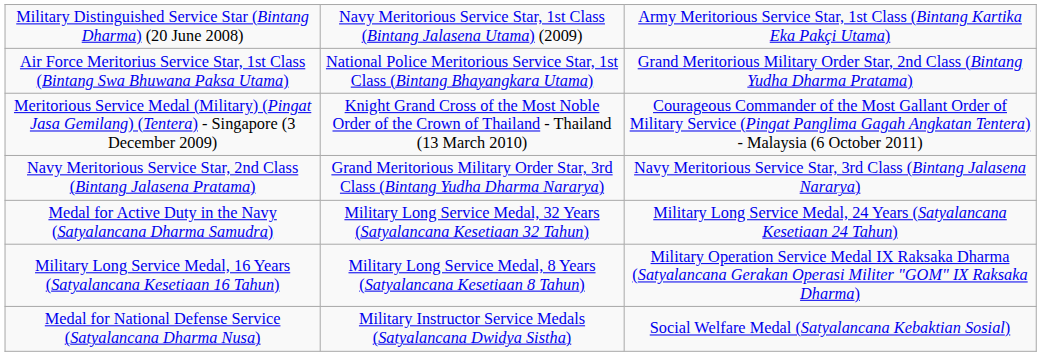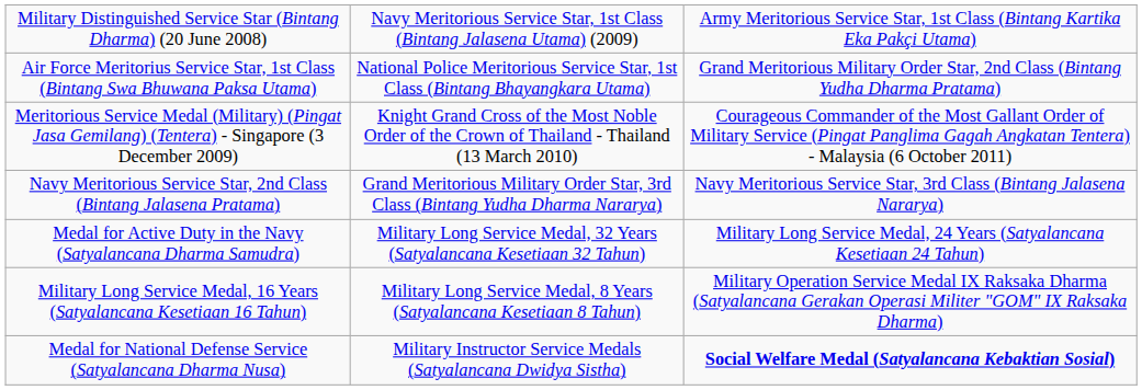 <table class="wikitable" width="80%" style="margin:1em auto; text-align:center;">
 <tr>
 <td colspan="1"><a href='#'>Military Distinguished Service Star (<em>Bintang Dharma</em>)</a> (20 June 2008)</td>
 <td colspan="1"><a href='#'>Navy Meritorious Service Star, 1st Class (<em>Bintang Jalasena Utama</em>)</a> (2009)</td>
 <td colspan="1"><a href='#'>Army Meritorious Service Star, 1st Class (<em>Bintang Kartika Eka Pakçi Utama</em>)</a></td>
 </tr>
 <tr>
 <td colspan="1"><a href='#'>Air Force Meritorius Service Star, 1st Class (<em>Bintang Swa Bhuwana Paksa Utama</em>)</a></td>
 <td colspan="1"><a href='#'>National Police Meritorious Service Star, 1st Class (<em>Bintang Bhayangkara Utama</em>)</a></td>
 <td colspan="1"><a href='#'>Grand Meritorious Military Order Star, 2nd Class (<em>Bintang Yudha Dharma Pratama</em>)</a></td>
 </tr>
 <tr>
 <td colspan="1"><a href='#'>Meritorious Service Medal (Military) (<em>Pingat Jasa Gemilang</em>) (<em>Tentera</em>)</a> - Singapore (3 December 2009)</td>
 <td colspan="1"><a href='#'>Knight Grand Cross of the Most Noble Order of the Crown of Thailand</a> - Thailand (13 March 2010)</td>
 <td colspan="1"><a href='#'>Courageous Commander of the Most Gallant Order of Military Service (<em>Pingat Panglima Gagah Angkatan Tentera</em>)</a> - Malaysia (6 October 2011)</td>
 </tr>
 <tr>
 <td colspan="1"><a href='#'>Navy Meritorious Service Star, 2nd Class (<em>Bintang Jalasena Pratama</em>)</a></td>
 <td colspan="1"><a href='#'>Grand Meritorious Military Order Star, 3rd Class (<em>Bintang Yudha Dharma Nararya</em>)</a></td>
 <td colspan="1"><a href='#'>Navy Meritorious Service Star, 3rd Class (<em>Bintang Jalasena Nararya</em>)</a></td>
 </tr>
 <tr>
 <td colspan="1"><a href='#'>Medal for Active Duty in the Navy (<em>Satyalancana Dharma Samudra</em>)</a></td>
 <td colspan="1"><a href='#'>Military Long Service Medal, 32 Years (<em>Satyalancana Kesetiaan 32 Tahun</em>)</a></td>
 <td colspan="1"><a href='#'>Military Long Service Medal, 24 Years (<em>Satyalancana Kesetiaan 24 Tahun</em>)</a></td>
 </tr>
 <tr>
 <td colspan="1"><a href='#'>Military Long Service Medal, 16 Years (<em>Satyalancana Kesetiaan 16 Tahun</em>)</a></td>
 <td colspan="1"><a href='#'>Military Long Service Medal, 8 Years (<em>Satyalancana Kesetiaan 8 Tahun</em>)</a></td>
 <td colspan="1"><a href='#'>Military Operation Service Medal IX Raksaka Dharma (<em>Satyalancana Gerakan Operasi Militer "GOM" IX Raksaka Dharma</em>)</a></td>
 </tr>
 <tr>
 <td colspan="1"><a href='#'>Medal for National Defense Service (<em>Satyalancana Dharma Nusa</em>)</a></td>
 <td colspan="1"><a href='#'>Military Instructor Service Medals (<em>Satyalancana Dwidya Sistha</em>)</a></td>
-<td colspan="1"><a href='#'>Social Welfare Medal (<em>Satyalancana Kebaktian Sosial</em>)</a></td>
+<td colspan="1"><strong><a href='#'>Social Welfare Medal (<em>Satyalancana Kebaktian Sosial</em>)</a></strong></td>
 </tr>
 </table>
